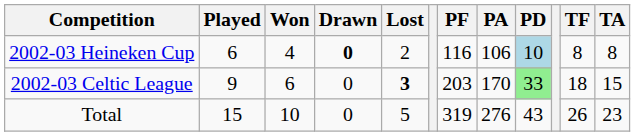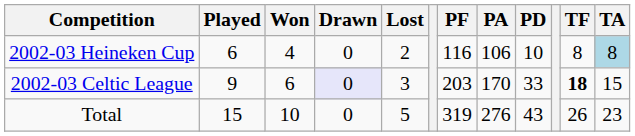 <table class="wikitable">
 <tr>
 <th>Competition</th>
 <th>Played</th>
 <th>Won</th>
 <th>Drawn</th>
 <th>Lost</th>
 <th rowspan="4"></th>
 <th>PF</th>
 <th>PA</th>
 <th>PD</th>
 <th rowspan="4"></th>
 <th>TF</th>
 <th>TA</th>
 </tr>
 <tr align=center>
 <td><a href='#'>2002-03 Heineken Cup</a></td>
 <td>6</td>
 <td>4</td>
-<td><strong>0</strong></td>
+<td>0</td>
 <td>2</td>
 <td>116</td>
 <td>106</td>
-<td style="background: lightblue;">10</td>
+<td>10</td>
 <td>8</td>
-<td>8</td>
+<td style="background: lightblue;">8</td>
 </tr>
 <tr align=center>
 <td><a href='#'>2002-03 Celtic League</a></td>
 <td>9</td>
 <td>6</td>
-<td>0</td>
-<td><strong>3</strong></td>
+<td style="background: lavender;">0</td>
+<td>3</td>
 <td>203</td>
 <td>170</td>
-<td style="background: lightgreen;">33</td>
-<td>18</td>
+<td>33</td>
+<td><strong>18</strong></td>
 <td>15</td>
 </tr>
 <tr align=center>
 <td>Total</td>
 <td>15</td>
 <td>10</td>
 <td>0</td>
 <td>5</td>
 <td>319</td>
 <td>276</td>
 <td>43</td>
 <td>26</td>
 <td>23</td>
 </tr>
 </table>
